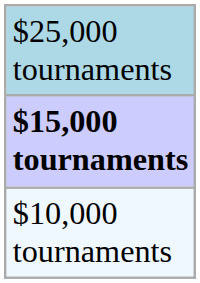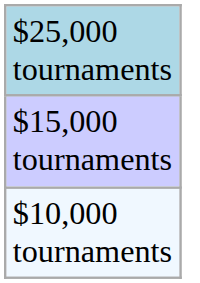 <table class="wikitable" style="font-size:85%;" width=12%>
 <tr style="background:lightblue;">
 <td>$25,000 tournaments</td>
 </tr>
 <tr style="background:#ccccff;">
-<td><strong>$15,000 tournaments</strong></td>
+<td>$15,000 tournaments</td>
 </tr>
 <tr style="background:#f0f8ff;">
 <td>$10,000 tournaments</td>
 </tr>
 </table>
